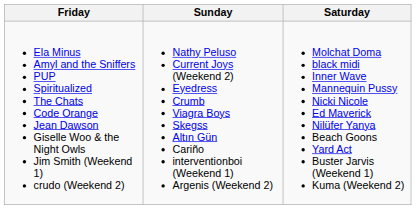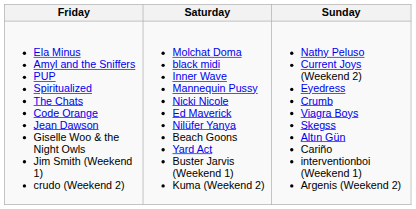 <table class="wikitable">
 <tr>
 <th>Friday</th>
+<th>Saturday</th>
 <th>Sunday</th>
-<th>Saturday</th>
 </tr>
 <tr valign="top">
 <td><br><ul><li><a href='#'>Ela Minus</a></li><li><a href='#'>Amyl and the Sniffers</a></li><li><a href='#'>PUP</a></li><li><a href='#'>Spiritualized</a></li><li><a href='#'>The Chats</a></li><li><a href='#'>Code Orange</a></li><li><a href='#'>Jean Dawson</a></li><li>Giselle Woo & the Night Owls</li><li>Jim Smith (Weekend 1)</li><li>crudo (Weekend 2)</li></ul></td>
+<td><br><ul><li><a href='#'>Molchat Doma</a></li><li><a href='#'>black midi</a></li><li><a href='#'>Inner Wave</a></li><li><a href='#'>Mannequin Pussy</a></li><li><a href='#'>Nicki Nicole</a></li><li><a href='#'>Ed Maverick</a></li><li><a href='#'>Nilüfer Yanya</a></li><li>Beach Goons</li><li><a href='#'>Yard Act</a></li><li>Buster Jarvis (Weekend 1)</li><li>Kuma (Weekend 2)</li></ul></td>
 <td><br><ul><li><a href='#'>Nathy Peluso</a></li><li><a href='#'>Current Joys</a> (Weekend 2)</li><li><a href='#'>Eyedress</a></li><li><a href='#'>Crumb</a></li><li><a href='#'>Viagra Boys</a></li><li><a href='#'>Skegss</a></li><li><a href='#'>Altın Gün</a></li><li>Cariño</li><li>interventionboi (Weekend 1)</li><li>Argenis (Weekend 2)</li></ul></td>
-<td><br><ul><li><a href='#'>Molchat Doma</a></li><li><a href='#'>black midi</a></li><li><a href='#'>Inner Wave</a></li><li><a href='#'>Mannequin Pussy</a></li><li><a href='#'>Nicki Nicole</a></li><li><a href='#'>Ed Maverick</a></li><li><a href='#'>Nilüfer Yanya</a></li><li>Beach Goons</li><li><a href='#'>Yard Act</a></li><li>Buster Jarvis (Weekend 1)</li><li>Kuma (Weekend 2)</li></ul></td>
 </tr>
 </table>
